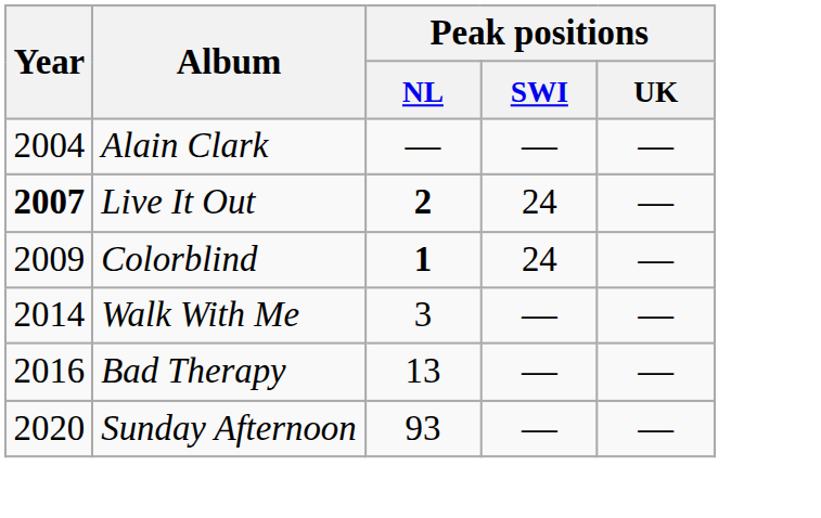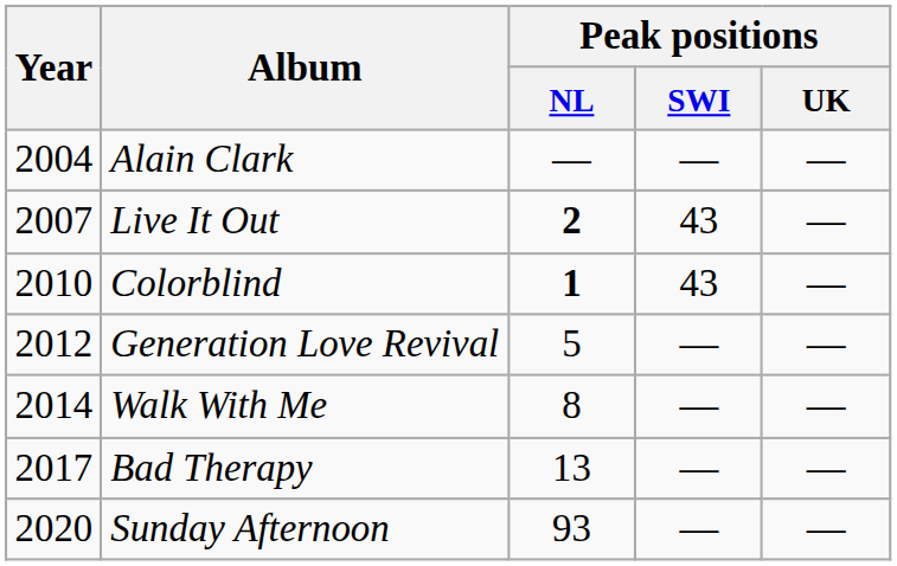 <table class="wikitable">
 <tr>
 <th rowspan="2">Year</th>
 <th rowspan="2">Album</th>
 <th colspan="3">Peak positions</th>
 </tr>
 <tr>
 <th width="45"><small><a href='#'>NL</a></small><br></th>
 <th width="45"><small><a href='#'>SWI</a></small><br></th>
 <th width="45"><small>UK</small></th>
 </tr>
 <tr>
 <td>2004</td>
 <td align="left"><em>Alain Clark</em></td>
 <td align="center">—</td>
 <td align="center">—</td>
 <td align="center">—</td>
 </tr>
 <tr>
-<td><strong>2007</strong></td>
+<td>2007</td>
 <td align="left"><em>Live It Out</em></td>
 <td align="center"><strong>2</strong></td>
-<td align="center">24</td>
+<td align="center">43</td>
 <td align="center">—</td>
 </tr>
 <tr>
-<td>2009</td>
+<td>2010</td>
 <td align="left"><em>Colorblind</em></td>
 <td align="center"><strong>1</strong></td>
-<td align="center">24</td>
+<td align="center">43</td>
+<td align="center">—</td>
+</tr>
+<tr>
+<td>2012</td>
+<td align="left"><em>Generation Love Revival</em></td>
+<td align="center">5</td>
+<td align="center">—</td>
 <td align="center">—</td>
 </tr>
 <tr>
 <td>2014</td>
 <td align="left"><em>Walk With Me</em></td>
-<td align="center">3</td>
+<td align="center">8</td>
 <td align="center">—</td>
 <td align="center">—</td>
 </tr>
 <tr>
-<td>2016</td>
+<td>2017</td>
 <td align="left"><em>Bad Therapy</em></td>
 <td align="center">13</td>
 <td align="center">—</td>
 <td align="center">—</td>
 </tr>
 <tr>
 <td>2020</td>
 <td align="left"><em>Sunday Afternoon</em></td>
 <td align="center">93</td>
 <td align="center">—</td>
 <td align="center">—</td>
 </tr>
 </table>
